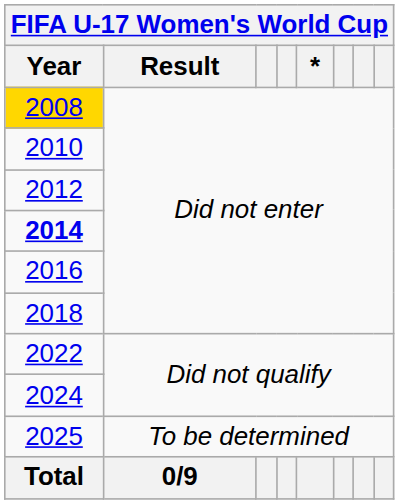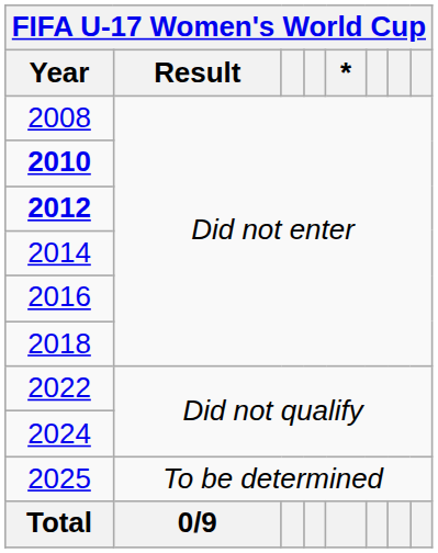 <table class="wikitable" style="text-align: center;">
 <tr>
 <th colspan=9><a href='#'>FIFA U-17 Women's World Cup</a></th>
 </tr>
 <tr>
 <th>Year</th>
 <th>Result</th>
 <th></th>
 <th></th>
 <th> *</th>
 <th></th>
 <th></th>
 <th></th>
 </tr>
 <tr>
-<td style="background: gold;"> <a href='#'>2008</a></td>
+<td> <a href='#'>2008</a></td>
 <td rowspan=6 colspan=8><em>Did not enter</em></td>
 </tr>
 <tr>
-<td> <a href='#'>2010</a></td>
+<td><strong> <a href='#'>2010</a></strong></td>
 </tr>
 <tr>
-<td> <a href='#'>2012</a></td>
+<td><strong> <a href='#'>2012</a></strong></td>
 </tr>
 <tr>
-<td><strong> <a href='#'>2014</a></strong></td>
+<td> <a href='#'>2014</a></td>
 </tr>
 <tr>
 <td> <a href='#'>2016</a></td>
 </tr>
 <tr>
 <td> <a href='#'>2018</a></td>
 </tr>
 <tr>
 <td> <a href='#'>2022</a></td>
 <td rowspan=2 colspan=8><em>Did not qualify</em></td>
 </tr>
 <tr>
 <td> <a href='#'>2024</a></td>
 </tr>
 <tr>
 <td> <a href='#'>2025</a></td>
 <td colspan=8><em>To be determined</em></td>
 </tr>
 <tr>
 <th>Total</th>
 <th>0/9</th>
 <th></th>
 <th></th>
 <th></th>
 <th></th>
 <th></th>
 <th></th>
 </tr>
 </table>
